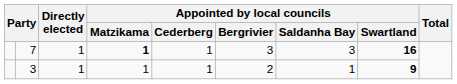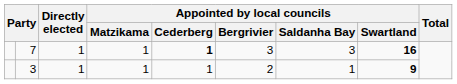 <table class=wikitable style="text-align:right">
 <tr>
 <th colspan="2" rowspan="2">Party</th>
 <th rowspan="2">Directly<br>elected</th>
 <th colspan="5">Appointed by local councils</th>
 <th rowspan="2">Total</th>
 </tr>
 <tr>
 <th>Matzikama</th>
 <th>Cederberg</th>
 <th>Bergrivier</th>
 <th>Saldanha Bay</th>
 <th>Swartland</th>
 </tr>
 <tr>
 <td></td>
 <td>7</td>
 <td>1</td>
+<td>1</td>
 <td><strong>1</strong></td>
-<td>1</td>
 <td>3</td>
 <td>3</td>
 <td><strong>16</strong></td>
 </tr>
 <tr>
 <td></td>
 <td>3</td>
 <td>1</td>
 <td>1</td>
 <td>1</td>
 <td>2</td>
 <td>1</td>
 <td><strong>9</strong></td>
 </tr>
 </table>
